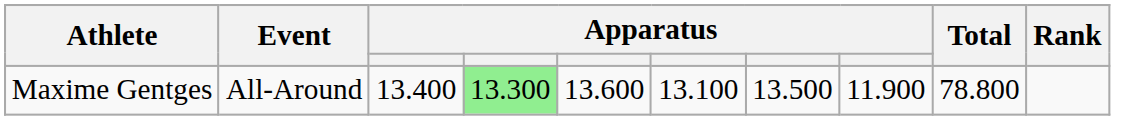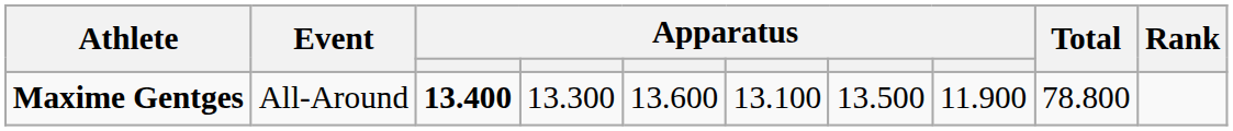 <table class="wikitable" style="font-size:90%">
 <tr>
 <th rowspan=2>Athlete</th>
 <th rowspan=2>Event</th>
 <th colspan=6>Apparatus</th>
 <th rowspan=2>Total</th>
 <th rowspan=2>Rank</th>
 </tr>
 <tr style="font-size:95%">
 <th></th>
 <th></th>
 <th></th>
 <th></th>
 <th></th>
 <th></th>
 </tr>
 <tr align=center>
-<td align=left>Maxime Gentges</td>
+<td align=left><strong>Maxime Gentges</strong></td>
 <td align=left rowspan=2>All-Around</td>
-<td>13.400</td>
-<td style="background: lightgreen;">13.300</td>
+<td><strong>13.400</strong></td>
+<td>13.300</td>
 <td>13.600</td>
 <td>13.100</td>
 <td>13.500</td>
 <td>11.900</td>
 <td>78.800</td>
 <td></td>
 </tr>
 </table>
